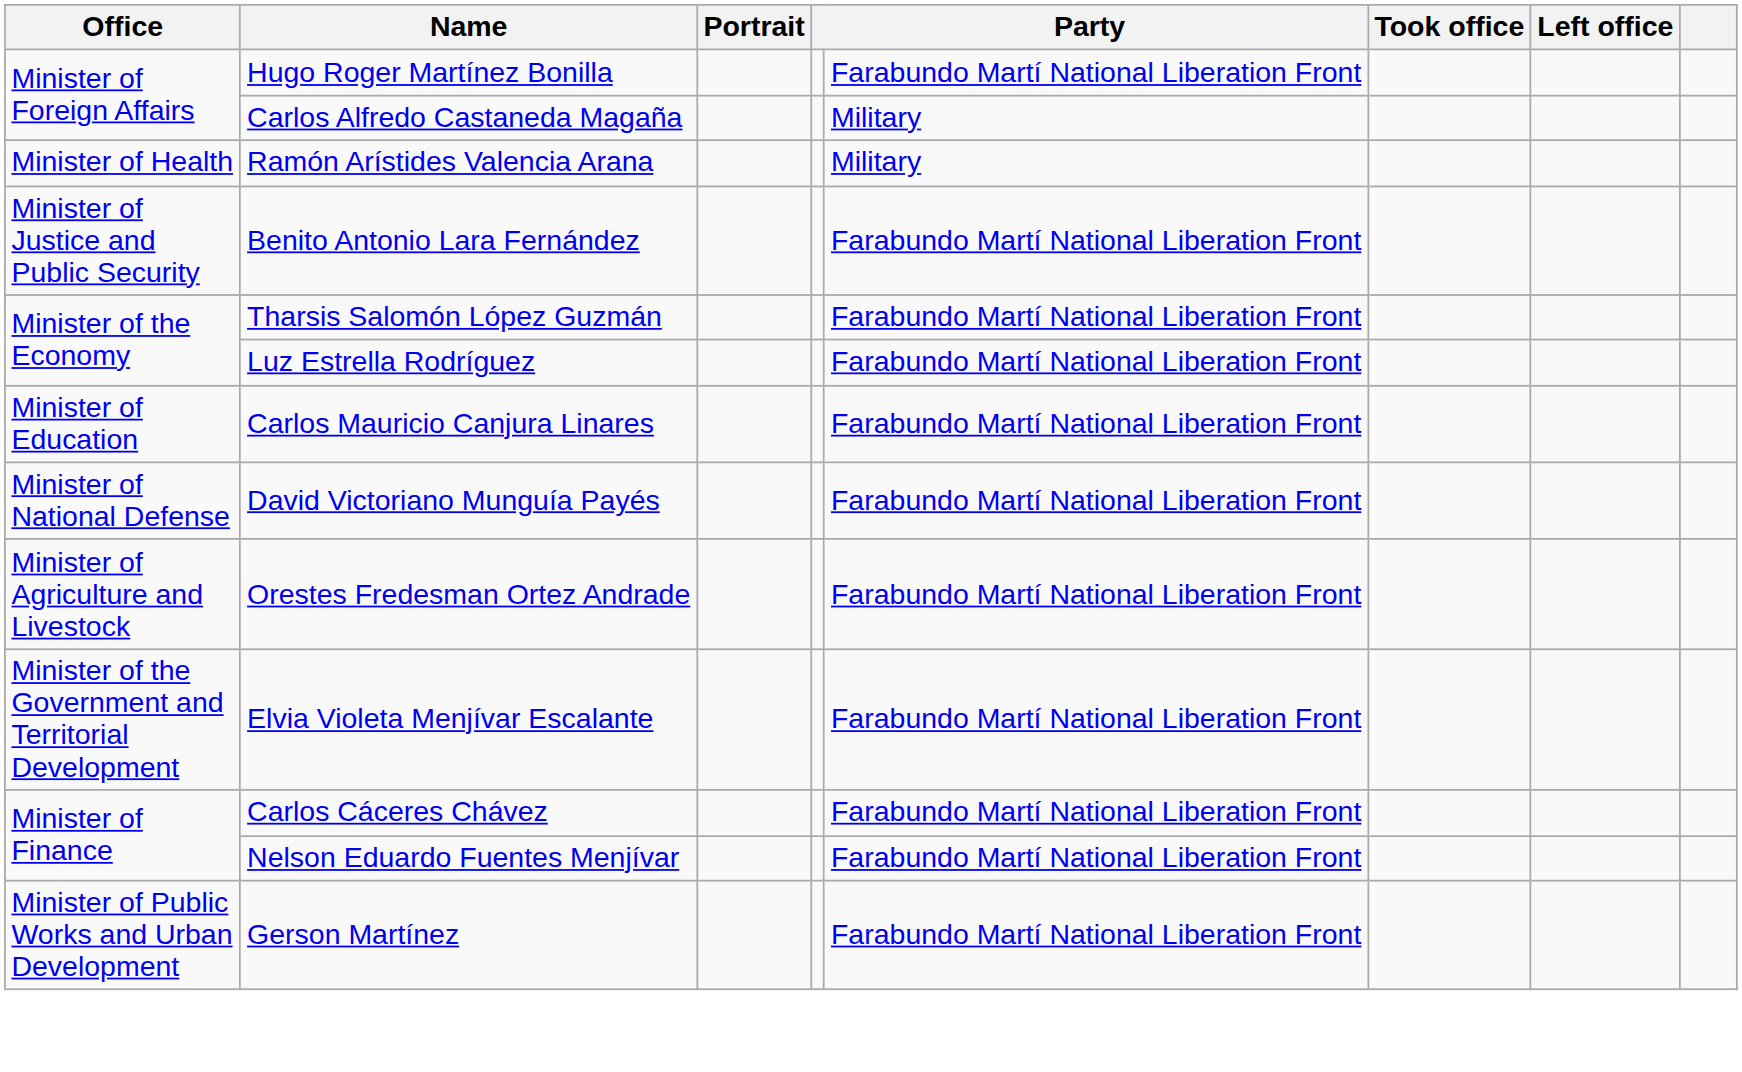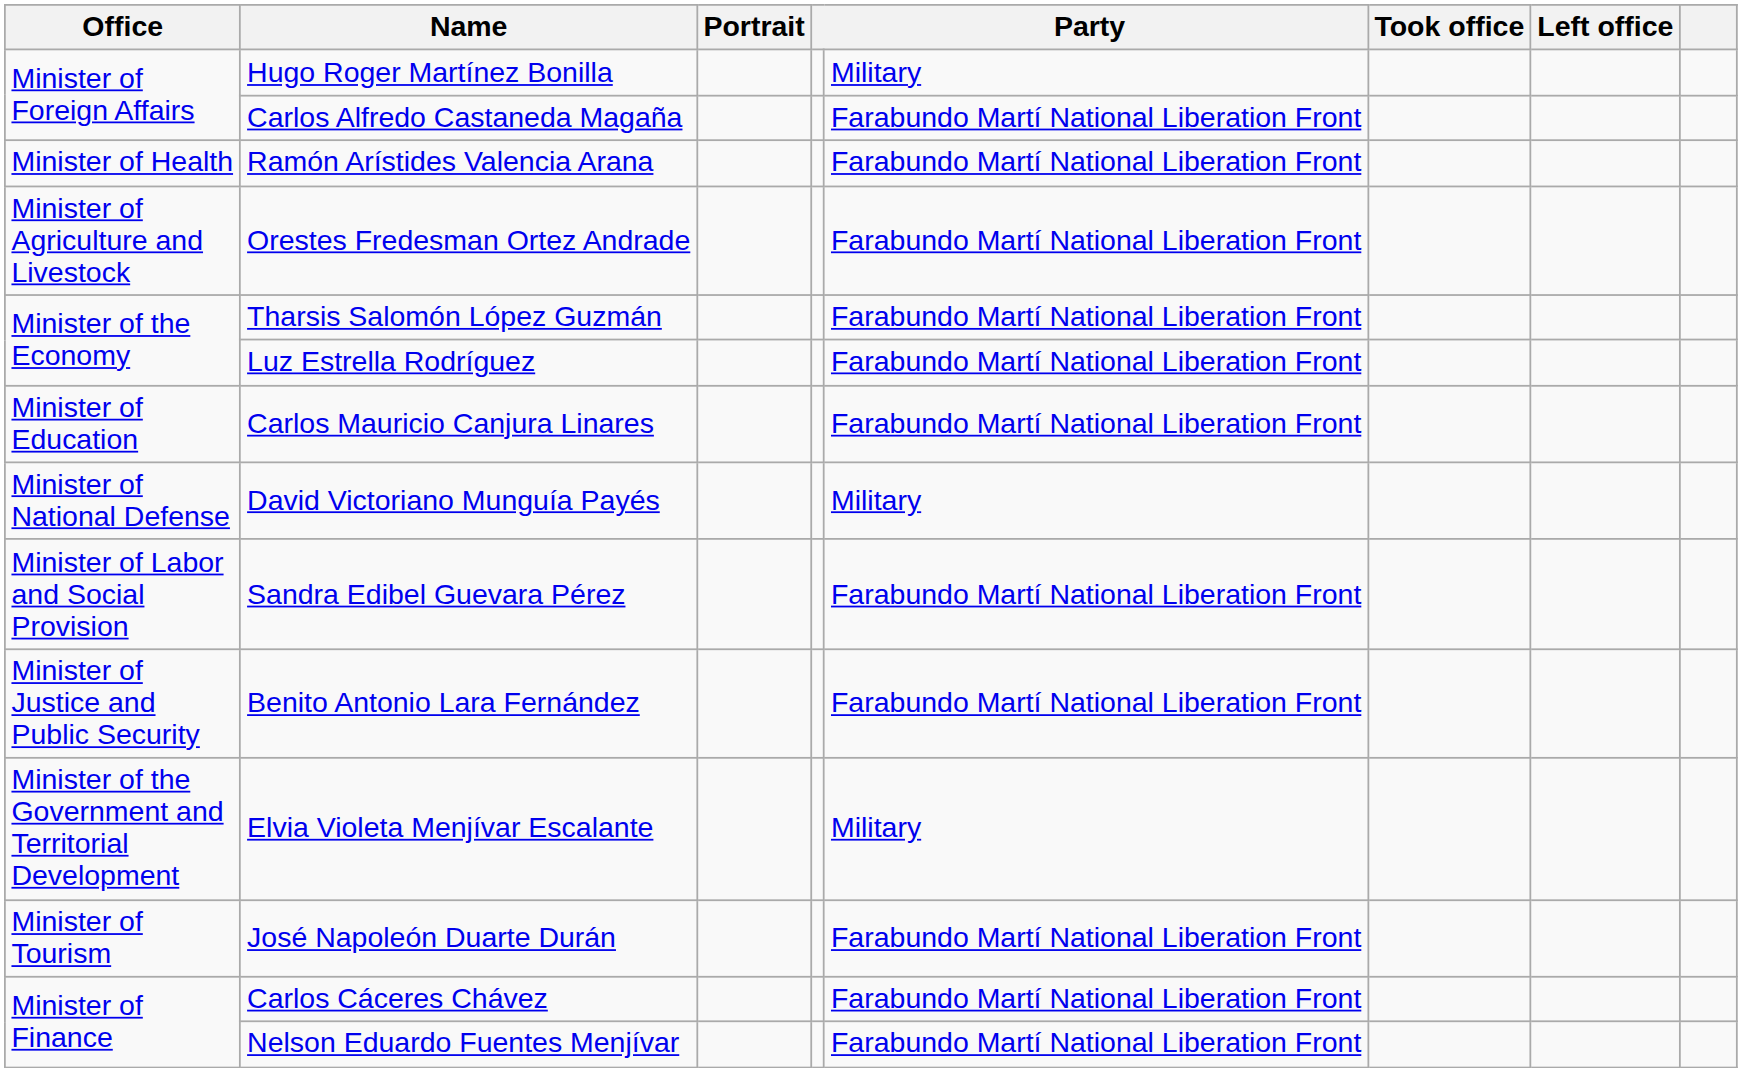 <table class="wikitable sortable" style="text-align:left;">
 <tr>
 <th scope=col width=125px>Office</th>
 <th scope=col>Name</th>
 <th scope=col class=unsortable>Portrait</th>
 <th scope=col colspan="2">Party</th>
 <th scope=col>Took office</th>
 <th scope=col>Left office</th>
 <th scope=col width=25px class=unsortable></th>
 </tr>
 <tr>
 <td rowspan="2"><a href='#'>Minister of Foreign Affairs</a></td>
 <td style="white-space: nowrap;"><a href='#'>Hugo Roger Martínez Bonilla</a></td>
 <td align=center></td>
 <td align="center" style="background:"></td>
-<td><a href='#'>Farabundo Martí National Liberation Front</a></td>
+<td><a href='#'>Military</a></td>
 <td align=center></td>
 <td align=center></td>
 <td align=center></td>
 </tr>
 <tr>
 <td style="white-space: nowrap;"><a href='#'>Carlos Alfredo Castaneda Magaña</a></td>
 <td align=center></td>
 <td align="center" style="background:"></td>
-<td><a href='#'>Military</a></td>
+<td><a href='#'>Farabundo Martí National Liberation Front</a></td>
 <td align=center></td>
 <td align=center></td>
 <td align=center></td>
 </tr>
 <tr>
 <td><a href='#'>Minister of Health</a></td>
 <td style="white-space: nowrap;"><a href='#'>Ramón Arístides Valencia Arana</a></td>
 <td align=center></td>
 <td align="center" style="background:"></td>
-<td><a href='#'>Military</a></td>
+<td><a href='#'>Farabundo Martí National Liberation Front</a></td>
 <td align=center></td>
 <td align=center></td>
 <td align=center></td>
 </tr>
 <tr>
-<td><a href='#'>Minister of Justice and Public Security</a></td>
-<td style="white-space: nowrap;"><a href='#'>Benito Antonio Lara Fernández</a></td>
+<td><a href='#'>Minister of Agriculture and Livestock</a></td>
+<td style="white-space: nowrap;"><a href='#'>Orestes Fredesman Ortez Andrade</a></td>
 <td align=center></td>
 <td align="center" style="background:"></td>
 <td><a href='#'>Farabundo Martí National Liberation Front</a></td>
 <td align=center></td>
 <td align=center></td>
 <td align=center></td>
 </tr>
 <tr>
 <td rowspan="2"><a href='#'>Minister of the Economy</a></td>
 <td style="white-space: nowrap;"><a href='#'>Tharsis Salomón López Guzmán</a></td>
 <td align=center></td>
 <td align="center" style="background:"></td>
 <td><a href='#'>Farabundo Martí National Liberation Front</a></td>
 <td align=center></td>
 <td align=center></td>
 <td align=center></td>
 </tr>
 <tr>
 <td style="white-space: nowrap;"><a href='#'>Luz Estrella Rodríguez</a></td>
 <td align=center></td>
 <td align="center" style="background:"></td>
 <td><a href='#'>Farabundo Martí National Liberation Front</a></td>
 <td align=center></td>
 <td align=center></td>
 <td align=center></td>
 </tr>
 <tr>
 <td><a href='#'>Minister of Education</a></td>
 <td style="white-space: nowrap;"><a href='#'>Carlos Mauricio Canjura Linares</a></td>
 <td align=center></td>
 <td align="center" style="background:"></td>
 <td><a href='#'>Farabundo Martí National Liberation Front</a></td>
 <td align=center></td>
 <td align=center></td>
 <td align=center></td>
 </tr>
 <tr>
 <td><a href='#'>Minister of National Defense</a></td>
 <td style="white-space: nowrap;"><a href='#'>David Victoriano Munguía Payés</a></td>
 <td align=center></td>
 <td align="center" style="background:"></td>
+<td><a href='#'>Military</a></td>
+<td align=center></td>
+<td align=center></td>
+<td align=center></td>
+</tr>
+<tr>
+<td><a href='#'>Minister of Labor and Social Provision</a></td>
+<td style="white-space: nowrap;"><a href='#'>Sandra Edibel Guevara Pérez</a></td>
+<td align=center></td>
+<td align="center" style="background:"></td>
 <td><a href='#'>Farabundo Martí National Liberation Front</a></td>
 <td align=center></td>
 <td align=center></td>
 <td align=center></td>
 </tr>
 <tr>
-<td><a href='#'>Minister of Agriculture and Livestock</a></td>
-<td style="white-space: nowrap;"><a href='#'>Orestes Fredesman Ortez Andrade</a></td>
+<td><a href='#'>Minister of Justice and Public Security</a></td>
+<td style="white-space: nowrap;"><a href='#'>Benito Antonio Lara Fernández</a></td>
 <td align=center></td>
 <td align="center" style="background:"></td>
 <td><a href='#'>Farabundo Martí National Liberation Front</a></td>
 <td align=center></td>
 <td align=center></td>
 <td align=center></td>
 </tr>
 <tr>
 <td><a href='#'>Minister of the Government and Territorial Development</a></td>
 <td style="white-space: nowrap;"><a href='#'>Elvia Violeta Menjívar Escalante</a></td>
+<td align=center></td>
+<td align="center" style="background:"></td>
+<td><a href='#'>Military</a></td>
+<td align=center></td>
+<td align=center></td>
+<td align=center></td>
+</tr>
+<tr>
+<td><a href='#'>Minister of Tourism</a></td>
+<td style="white-space: nowrap;"><a href='#'>José Napoleón Duarte Durán</a></td>
 <td align=center></td>
 <td align="center" style="background:"></td>
 <td><a href='#'>Farabundo Martí National Liberation Front</a></td>
 <td align=center></td>
 <td align=center></td>
 <td align=center></td>
 </tr>
 <tr>
 <td rowspan="2"><a href='#'>Minister of Finance</a></td>
 <td style="white-space: nowrap;"><a href='#'>Carlos Cáceres Chávez</a></td>
 <td align=center></td>
 <td align="center" style="background:"></td>
 <td><a href='#'>Farabundo Martí National Liberation Front</a></td>
 <td align=center></td>
 <td align=center></td>
 <td align=center></td>
 </tr>
 <tr>
 <td style="white-space: nowrap;"><a href='#'>Nelson Eduardo Fuentes Menjívar</a></td>
 <td align=center></td>
 <td align="center" style="background:"></td>
 <td><a href='#'>Farabundo Martí National Liberation Front</a></td>
 <td align=center></td>
 <td align=center></td>
 <td align=center></td>
 </tr>
-<tr>
-<td><a href='#'>Minister of Public Works and Urban Development</a></td>
-<td style="white-space: nowrap;"><a href='#'>Gerson Martínez</a></td>
-<td align=center></td>
-<td align="center" style="background:"></td>
-<td><a href='#'>Farabundo Martí National Liberation Front</a></td>
-<td align=center></td>
-<td align=center></td>
-<td align=center></td>
-</tr>
 </table>
